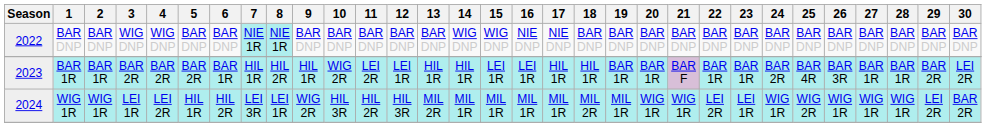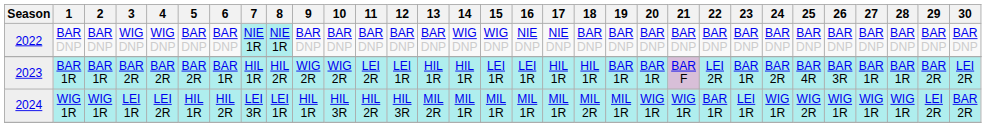 <table class="wikitable" style="width:20%; margin:0; font-size:84%">
 <tr>
 <th>Season</th>
 <th>1</th>
 <th>2</th>
 <th>3</th>
 <th>4</th>
 <th>5</th>
 <th>6</th>
 <th>7</th>
 <th>8</th>
 <th>9</th>
 <th>10</th>
 <th>11</th>
 <th>12</th>
 <th>13</th>
 <th>14</th>
 <th>15</th>
 <th>16</th>
 <th>17</th>
 <th>18</th>
 <th>19</th>
 <th>20</th>
 <th>21</th>
 <th>22</th>
 <th>23</th>
 <th>24</th>
 <th>25</th>
 <th>26</th>
 <th>27</th>
 <th>28</th>
 <th>29</th>
 <th>30</th>
 </tr>
 <tr>
 <td style="text-align:center; background:#efefef;"><a href='#'>2022</a> <br></td>
 <td style="text-align:center; color:#ccc;"><a href='#'>BAR</a><br>DNP</td>
 <td style="text-align:center; color:#ccc;"><a href='#'>BAR</a><br>DNP</td>
 <td style="text-align:center; color:#ccc;"><a href='#'>WIG</a><br>DNP</td>
 <td style="text-align:center; color:#ccc;"><a href='#'>WIG</a><br>DNP</td>
 <td style="text-align:center; color:#ccc;"><a href='#'>BAR</a><br>DNP</td>
 <td style="text-align:center; color:#ccc;"><a href='#'>BAR</a><br>DNP</td>
 <td style="text-align:center; background:#afeeee;"><a href='#'>NIE</a><br>1R</td>
 <td style="text-align:center; background:#afeeee;"><a href='#'>NIE</a><br>1R</td>
 <td style="text-align:center; color:#ccc;"><a href='#'>BAR</a><br>DNP</td>
 <td style="text-align:center; color:#ccc;"><a href='#'>BAR</a><br>DNP</td>
 <td style="text-align:center; color:#ccc;"><a href='#'>BAR</a><br>DNP</td>
 <td style="text-align:center; color:#ccc;"><a href='#'>BAR</a><br>DNP</td>
 <td style="text-align:center; color:#ccc;"><a href='#'>BAR</a><br>DNP</td>
 <td style="text-align:center; color:#ccc;"><a href='#'>WIG</a><br>DNP</td>
 <td style="text-align:center; color:#ccc;"><a href='#'>WIG</a><br>DNP</td>
 <td style="text-align:center; color:#ccc;"><a href='#'>NIE</a><br>DNP</td>
 <td style="text-align:center; color:#ccc;"><a href='#'>NIE</a><br>DNP</td>
 <td style="text-align:center; color:#ccc;"><a href='#'>BAR</a><br>DNP</td>
 <td style="text-align:center; color:#ccc;"><a href='#'>BAR</a><br>DNP</td>
 <td style="text-align:center; color:#ccc;"><a href='#'>BAR</a><br>DNP</td>
 <td style="text-align:center; color:#ccc;"><a href='#'>BAR</a><br>DNP</td>
 <td style="text-align:center; color:#ccc;"><a href='#'>BAR</a><br>DNP</td>
 <td style="text-align:center; color:#ccc;"><a href='#'>BAR</a><br>DNP</td>
 <td style="text-align:center; color:#ccc;"><a href='#'>BAR</a><br>DNP</td>
 <td style="text-align:center; color:#ccc;"><a href='#'>BAR</a><br>DNP</td>
 <td style="text-align:center; color:#ccc;"><a href='#'>BAR</a><br>DNP</td>
 <td style="text-align:center; color:#ccc;"><a href='#'>BAR</a><br>DNP</td>
 <td style="text-align:center; color:#ccc;"><a href='#'>BAR</a><br>DNP</td>
 <td style="text-align:center; color:#ccc;"><a href='#'>BAR</a><br>DNP</td>
 <td style="text-align:center; color:#ccc;"><a href='#'>BAR</a><br>DNP</td>
 </tr>
 <tr>
 </tr>
 <tr>
 <td style="text-align:center; background:#efefef;"><a href='#'>2023</a></td>
 <td style="text-align:center; background:#afeeee;"><a href='#'>BAR</a><br>1R</td>
 <td style="text-align:center; background:#afeeee;"><a href='#'>BAR</a><br>1R</td>
 <td style="text-align:center; background:#afeeee;"><a href='#'>BAR</a><br>2R</td>
 <td style="text-align:center; background:#afeeee;"><a href='#'>BAR</a><br>2R</td>
 <td style="text-align:center; background:#afeeee;"><a href='#'>BAR</a><br>2R</td>
 <td style="text-align:center; background:#afeeee;"><a href='#'>BAR</a><br>1R</td>
 <td style="text-align:center; background:#afeeee;"><a href='#'>HIL</a><br>1R</td>
 <td style="text-align:center; background:#afeeee;"><a href='#'>HIL</a><br>2R</td>
-<td style="text-align:center; background:#afeeee;"><a href='#'>HIL</a><br>1R</td>
+<td style="text-align:center; background:#afeeee;"><a href='#'>WIG</a><br>2R</td>
 <td style="text-align:center; background:#afeeee;"><a href='#'>WIG</a><br>2R</td>
 <td style="text-align:center; background:#afeeee;"><a href='#'>LEI</a><br>2R</td>
 <td style="text-align:center; background:#afeeee;"><a href='#'>LEI</a><br>1R</td>
 <td style="text-align:center; background:#afeeee;"><a href='#'>HIL</a><br>1R</td>
 <td style="text-align:center; background:#afeeee;"><a href='#'>HIL</a><br>1R</td>
 <td style="text-align:center; background:#afeeee;"><a href='#'>LEI</a><br>1R</td>
 <td style="text-align:center; background:#afeeee;"><a href='#'>LEI</a><br>1R</td>
 <td style="text-align:center; background:#afeeee;"><a href='#'>HIL</a><br>1R</td>
 <td style="text-align:center; background:#afeeee;"><a href='#'>HIL</a><br>1R</td>
 <td style="text-align:center; background:#afeeee;"><a href='#'>BAR</a><br>1R</td>
 <td style="text-align:center; background:#afeeee;"><a href='#'>BAR</a><br>1R</td>
 <td style="text-align:center; background:thistle;"><a href='#'>BAR</a><br>F</td>
-<td style="text-align:center; background:#afeeee;"><a href='#'>BAR</a><br>1R</td>
+<td style="text-align:center; background:#afeeee;"><a href='#'>LEI</a><br>2R</td>
 <td style="text-align:center; background:#afeeee;"><a href='#'>BAR</a><br>1R</td>
 <td style="text-align:center; background:#afeeee;"><a href='#'>BAR</a><br>2R</td>
 <td style="text-align:center; background:#afeeee;"><a href='#'>BAR</a><br>4R</td>
 <td style="text-align:center; background:#afeeee;"><a href='#'>BAR</a><br>3R</td>
 <td style="text-align:center; background:#afeeee;"><a href='#'>BAR</a><br>1R</td>
 <td style="text-align:center; background:#afeeee;"><a href='#'>BAR</a><br>1R</td>
 <td style="text-align:center; background:#afeeee;"><a href='#'>BAR</a><br>2R</td>
 <td style="text-align:center; background:#afeeee;"><a href='#'>LEI</a><br>2R</td>
 </tr>
 <tr>
 <td style="text-align:center; background:#efefef;"><a href='#'>2024</a></td>
 <td style="text-align:center; background:#afeeee;"><a href='#'>WIG</a><br>1R</td>
 <td style="text-align:center; background:#afeeee;"><a href='#'>WIG</a><br>1R</td>
 <td style="text-align:center; background:#afeeee;"><a href='#'>LEI</a><br>1R</td>
 <td style="text-align:center; background:#afeeee;"><a href='#'>LEI</a><br>2R</td>
 <td style="text-align:center; background:#afeeee;"><a href='#'>HIL</a><br>1R</td>
 <td style="text-align:center; background:#afeeee;"><a href='#'>HIL</a><br>2R</td>
 <td style="text-align:center; background:#afeeee;"><a href='#'>LEI</a><br>3R</td>
 <td style="text-align:center; background:#afeeee;"><a href='#'>LEI</a><br>1R</td>
-<td style="text-align:center; background:#afeeee;"><a href='#'>WIG</a><br>2R</td>
+<td style="text-align:center; background:#afeeee;"><a href='#'>HIL</a><br>1R</td>
 <td style="text-align:center; background:#afeeee;"><a href='#'>HIL</a><br>3R</td>
 <td style="text-align:center; background:#afeeee;"><a href='#'>HIL</a><br>2R</td>
 <td style="text-align:center; background:#afeeee;"><a href='#'>HIL</a><br>3R</td>
 <td style="text-align:center; background:#afeeee;"><a href='#'>MIL</a><br>2R</td>
 <td style="text-align:center; background:#afeeee;"><a href='#'>MIL</a><br>1R</td>
 <td style="text-align:center; background:#afeeee;"><a href='#'>MIL</a><br>1R</td>
 <td style="text-align:center; background:#afeeee;"><a href='#'>MIL</a><br>1R</td>
 <td style="text-align:center; background:#afeeee;"><a href='#'>MIL</a><br>1R</td>
 <td style="text-align:center; background:#afeeee;"><a href='#'>MIL</a><br>2R</td>
 <td style="text-align:center; background:#afeeee;"><a href='#'>MIL</a><br>1R</td>
 <td style="text-align:center; background:#afeeee;"><a href='#'>WIG</a><br>1R</td>
 <td style="text-align:center; background:#afeeee;"><a href='#'>WIG</a><br>1R</td>
-<td style="text-align:center; background:#afeeee;"><a href='#'>LEI</a><br>2R</td>
+<td style="text-align:center; background:#afeeee;"><a href='#'>BAR</a><br>1R</td>
 <td style="text-align:center; background:#afeeee;"><a href='#'>LEI</a><br>1R</td>
 <td style="text-align:center; background:#afeeee;"><a href='#'>WIG</a><br>1R</td>
 <td style="text-align:center; background:#afeeee;"><a href='#'>WIG</a><br>2R</td>
 <td style="text-align:center; background:#afeeee;"><a href='#'>WIG</a><br>1R</td>
 <td style="text-align:center; background:#afeeee;"><a href='#'>WIG</a><br>1R</td>
 <td style="text-align:center; background:#afeeee;"><a href='#'>WIG</a><br>1R</td>
 <td style="text-align:center; background:#afeeee;"><a href='#'>LEI</a><br>2R</td>
 <td style="text-align:center; background:#afeeee;"><a href='#'>BAR</a><br>2R</td>
 </tr>
 <tr>
 </tr>
 </table>
